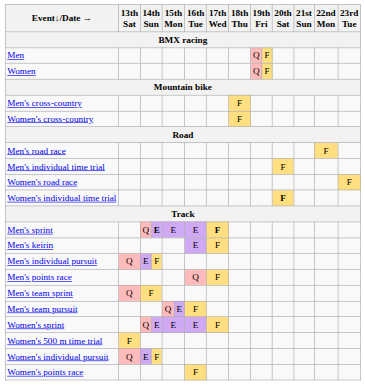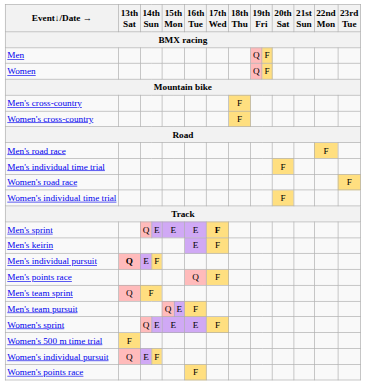 <table class="wikitable" style="margin:0.5em auto; font-size:90%; line-height:1.25em; text-align:center;">
 <tr>
 <th>Event↓/Date →</th>
 <th>13th<br>Sat</th>
 <th colspan=2>14th<br>Sun</th>
 <th colspan=2>15th<br>Mon</th>
 <th>16th<br>Tue</th>
 <th>17th<br>Wed</th>
 <th>18th<br>Thu</th>
 <th colspan=2>19th<br>Fri</th>
 <th>20th<br>Sat</th>
 <th>21st<br>Sun</th>
 <th>22nd<br>Mon</th>
 <th>23rd<br>Tue</th>
 </tr>
 <tr>
 <th colspan=15>BMX racing</th>
 </tr>
 <tr>
 <td align="left"><a href='#'>Men</a></td>
 <td></td>
 <td colspan=2></td>
 <td colspan=2></td>
 <td></td>
 <td></td>
 <td></td>
 <td bgcolor="#FFBBBB">Q</td>
 <td bgcolor="#FFDF80">F</td>
 <td></td>
 <td></td>
 <td></td>
 <td></td>
 </tr>
 <tr>
 <td align="left"><a href='#'>Women</a></td>
 <td></td>
 <td colspan=2></td>
 <td colspan=2></td>
 <td></td>
 <td></td>
 <td></td>
 <td bgcolor="#FFBBBB">Q</td>
 <td bgcolor="#FFDF80">F</td>
 <td></td>
 <td></td>
 <td></td>
 <td></td>
 </tr>
 <tr>
 <th colspan=15>Mountain bike</th>
 </tr>
 <tr>
 <td align="left"><a href='#'>Men's cross-country</a></td>
 <td></td>
 <td colspan=2></td>
 <td colspan=2></td>
 <td></td>
 <td></td>
 <td bgcolor="#FFDF80">F</td>
 <td colspan=2></td>
 <td></td>
 <td></td>
 <td></td>
 <td></td>
 </tr>
 <tr>
 <td align="left"><a href='#'>Women's cross-country</a></td>
 <td></td>
 <td colspan=2></td>
 <td colspan=2></td>
 <td></td>
 <td></td>
 <td bgcolor="#FFDF80">F</td>
 <td colspan=2></td>
 <td></td>
 <td></td>
 <td></td>
 <td></td>
 </tr>
 <tr>
 <th colspan=15>Road</th>
 </tr>
 <tr>
 <td align="left"><a href='#'>Men's road race</a></td>
 <td></td>
 <td colspan=2></td>
 <td colspan=2></td>
 <td></td>
 <td></td>
 <td></td>
 <td colspan=2></td>
 <td></td>
 <td></td>
 <td bgcolor="#FFDF80">F</td>
 <td></td>
 </tr>
 <tr>
 <td align="left"><a href='#'>Men's individual time trial</a></td>
 <td></td>
 <td colspan=2></td>
 <td colspan=2></td>
 <td></td>
 <td></td>
 <td></td>
 <td colspan=2></td>
 <td bgcolor="#FFDF80">F</td>
 <td></td>
 <td></td>
 <td></td>
 </tr>
 <tr>
 <td align="left"><a href='#'>Women's road race</a></td>
 <td></td>
 <td colspan=2></td>
 <td colspan=2></td>
 <td></td>
 <td></td>
 <td></td>
 <td colspan=2></td>
 <td></td>
 <td></td>
 <td></td>
 <td bgcolor="#FFDF80">F</td>
 </tr>
 <tr>
 <td align="left"><a href='#'>Women's individual time trial</a></td>
 <td></td>
 <td colspan=2></td>
 <td colspan=2></td>
 <td></td>
 <td></td>
 <td></td>
 <td colspan=2></td>
-<td bgcolor="#FFDF80"><strong>F</strong></td>
+<td bgcolor="#FFDF80">F</td>
 <td></td>
 <td></td>
 <td></td>
 </tr>
 <tr>
 <th colspan=15>Track</th>
 </tr>
 <tr>
 <td align="left"><a href='#'>Men's sprint</a></td>
 <td></td>
 <td bgcolor="#FFBBBB">Q</td>
-<td bgcolor="#D0A9F5"><strong>E</strong></td>
+<td bgcolor="#D0A9F5">E</td>
 <td colspan=2 bgcolor="#D0A9F5">E</td>
 <td bgcolor="#D0A9F5">E</td>
 <td bgcolor="#FFDF80"><strong>F</strong></td>
 <td></td>
 <td colspan=2></td>
 <td></td>
 <td></td>
 <td></td>
 <td></td>
 </tr>
 <tr>
 <td align="left"><a href='#'>Men's keirin</a></td>
 <td></td>
 <td colspan=2></td>
 <td colspan=2></td>
 <td bgcolor="#D0A9F5">E</td>
 <td bgcolor="#FFDF80">F</td>
 <td></td>
 <td colspan=2></td>
 <td></td>
 <td></td>
 <td></td>
 <td></td>
 </tr>
 <tr>
 <td align="left"><a href='#'>Men's individual pursuit</a></td>
-<td bgcolor="#FFBBBB">Q</td>
+<td bgcolor="#FFBBBB"><strong>Q</strong></td>
 <td bgcolor="#D0A9F5">E</td>
 <td bgcolor="#FFDF80">F</td>
 <td colspan=2></td>
 <td></td>
 <td></td>
 <td></td>
 <td colspan=2></td>
 <td></td>
 <td></td>
 <td></td>
 <td></td>
 </tr>
 <tr>
 <td align="left"><a href='#'>Men's points race</a></td>
 <td></td>
 <td colspan=2></td>
 <td colspan=2></td>
 <td bgcolor="#FFBBBB">Q</td>
 <td bgcolor="#FFDF80">F</td>
 <td></td>
 <td colspan=2></td>
 <td></td>
 <td></td>
 <td></td>
 <td></td>
 </tr>
 <tr>
 <td align="left"><a href='#'>Men's team sprint</a></td>
 <td bgcolor="#FFBBBB">Q</td>
 <td colspan=2 bgcolor="#FFDF80">F</td>
 <td colspan=2></td>
 <td></td>
 <td></td>
 <td></td>
 <td colspan=2></td>
 <td></td>
 <td></td>
 <td></td>
 <td></td>
 </tr>
 <tr>
 <td align="left"><a href='#'>Men's team pursuit</a></td>
 <td></td>
 <td colspan=2></td>
 <td bgcolor="#FFBBBB">Q</td>
 <td bgcolor="#D0A9F5">E</td>
 <td bgcolor="#FFDF80">F</td>
 <td></td>
 <td></td>
 <td colspan=2></td>
 <td></td>
 <td></td>
 <td></td>
 <td></td>
 </tr>
 <tr>
 <td align="left"><a href='#'>Women's sprint</a></td>
 <td></td>
 <td bgcolor="#FFBBBB">Q</td>
 <td bgcolor="#D0A9F5">E</td>
 <td colspan=2 bgcolor="#D0A9F5">E</td>
 <td bgcolor="#D0A9F5">E</td>
 <td bgcolor="#FFDF80">F</td>
 <td></td>
 <td colspan=2></td>
 <td></td>
 <td></td>
 <td></td>
 <td></td>
 </tr>
 <tr>
 <td align="left"><a href='#'>Women's 500 m time trial</a></td>
 <td bgcolor="#FFDF80">F</td>
 <td colspan=2></td>
 <td colspan=2></td>
 <td></td>
 <td></td>
 <td></td>
 <td colspan=2></td>
 <td></td>
 <td></td>
 <td></td>
 <td></td>
 </tr>
 <tr>
 <td align="left"><a href='#'>Women's individual pursuit</a></td>
 <td bgcolor="#FFBBBB">Q</td>
 <td bgcolor="#D0A9F5">E</td>
 <td bgcolor="#FFDF80">F</td>
 <td colspan=2></td>
 <td></td>
 <td></td>
 <td></td>
 <td colspan=2></td>
 <td></td>
 <td></td>
 <td></td>
 <td></td>
 </tr>
 <tr>
 <td align="left"><a href='#'>Women's points race</a></td>
 <td></td>
 <td colspan=2></td>
 <td colspan=2></td>
 <td bgcolor="#FFDF80">F</td>
 <td></td>
 <td></td>
 <td colspan=2></td>
 <td></td>
 <td></td>
 <td></td>
 <td></td>
 </tr>
 </table>
